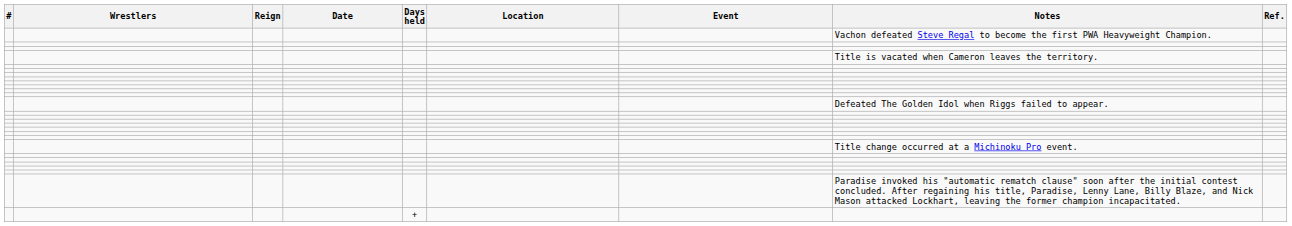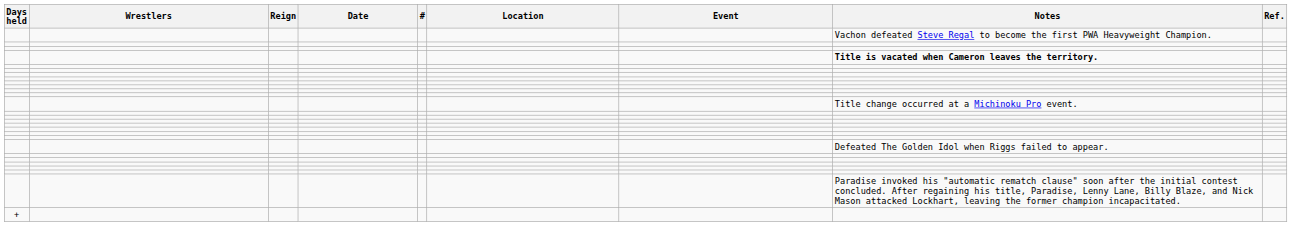 <table class="wikitable sortable" width=98% style="text-align:center;">
 <tr>
-<th width=0%>#</th>
+<th width=0%>Days<br>held</th>
 <th width=20%>Wrestlers</th>
 <th width=0%>Reign</th>
 <th width=10%>Date</th>
-<th width=0%>Days<br>held</th>
+<th width=0%>#</th>
 <th width=16%>Location</th>
 <th width=18%>Event</th>
 <th width=60% class="unsortable">Notes</th>
 <th width=0% class="unsortable">Ref.</th>
 </tr>
 <tr>
 <td></td>
 <td></td>
 <td></td>
 <td></td>
 <td></td>
 <td></td>
 <td></td>
 <td align="left">Vachon defeated <a href='#'>Steve Regal</a> to become the first PWA Heavyweight Champion.</td>
 <td align="left"></td>
 </tr>
 <tr>
 <td></td>
 <td></td>
 <td></td>
 <td></td>
 <td></td>
 <td></td>
 <td></td>
 <td align="left"></td>
 <td align="left"></td>
 </tr>
 <tr>
 <td></td>
 <td></td>
 <td></td>
 <td></td>
 <td></td>
 <td></td>
 <td></td>
 <td align="left"></td>
 <td align="left"></td>
 </tr>
 <tr>
 <td></td>
 <td></td>
 <td></td>
 <td></td>
 <td></td>
 <td></td>
 <td></td>
-<td align="left">Title is vacated when Cameron leaves the territory.</td>
+<td align="left"><strong>Title is vacated when Cameron leaves the territory.</strong></td>
 <td align="left"></td>
 </tr>
 <tr>
 <td></td>
 <td></td>
 <td></td>
 <td></td>
 <td></td>
 <td></td>
 <td></td>
 <td align="left"></td>
+<td align="left"></td>
+</tr>
+<tr>
+<td></td>
+<td></td>
+<td></td>
+<td></td>
+<td></td>
+<td></td>
+<td></td>
+<td align="left"></td>
+<td align="left"></td>
+</tr>
+<tr>
+<td></td>
+<td></td>
+<td></td>
+<td></td>
+<td></td>
+<td></td>
+<td></td>
+<td align="left"></td>
+<td align="left"></td>
+</tr>
+<tr>
+<td></td>
+<td></td>
+<td></td>
+<td></td>
+<td></td>
+<td></td>
+<td></td>
+<td align="left"></td>
+<td align="left"></td>
+</tr>
+<tr>
+<td></td>
+<td></td>
+<td></td>
+<td></td>
+<td></td>
+<td></td>
+<td></td>
+<td align="left"></td>
+<td align="left"></td>
+</tr>
+<tr>
+<td></td>
+<td></td>
+<td></td>
+<td></td>
+<td></td>
+<td></td>
+<td></td>
+<td align="left"></td>
+<td align="left"></td>
+</tr>
+<tr>
+<td></td>
+<td></td>
+<td></td>
+<td></td>
+<td></td>
+<td></td>
+<td></td>
+<td align="left"></td>
+<td align="left"></td>
+</tr>
+<tr>
+<td></td>
+<td></td>
+<td></td>
+<td></td>
+<td></td>
+<td></td>
+<td></td>
+<td align="left"></td>
+<td align="left"></td>
+</tr>
+<tr>
+<td></td>
+<td></td>
+<td></td>
+<td></td>
+<td></td>
+<td></td>
+<td></td>
+<td align="left">Title change occurred at a <a href='#'>Michinoku Pro</a> event.</td>
 <td align="left"></td>
 </tr>
 <tr>
 <td></td>
 <td></td>
 <td></td>
 <td></td>
 <td></td>
 <td></td>
 <td></td>
 <td align="left"></td>
 <td align="left"></td>
 </tr>
 <tr>
 <td></td>
 <td></td>
 <td></td>
 <td></td>
 <td></td>
 <td></td>
 <td></td>
 <td align="left"></td>
 <td align="left"></td>
 </tr>
 <tr>
 <td></td>
 <td></td>
 <td></td>
 <td></td>
 <td></td>
 <td></td>
 <td></td>
 <td align="left"></td>
 <td align="left"></td>
 </tr>
 <tr>
 <td></td>
 <td></td>
 <td></td>
 <td></td>
 <td></td>
 <td></td>
 <td></td>
 <td align="left"></td>
 <td align="left"></td>
 </tr>
 <tr>
 <td></td>
 <td></td>
 <td></td>
 <td></td>
 <td></td>
 <td></td>
 <td></td>
 <td align="left"></td>
 <td align="left"></td>
 </tr>
 <tr>
 <td></td>
 <td></td>
 <td></td>
 <td></td>
 <td></td>
 <td></td>
 <td></td>
 <td align="left"></td>
 <td align="left"></td>
 </tr>
 <tr>
 <td></td>
 <td></td>
 <td></td>
 <td></td>
 <td></td>
 <td></td>
 <td></td>
 <td align="left"></td>
 <td align="left"></td>
 </tr>
 <tr>
 <td></td>
 <td></td>
 <td></td>
 <td></td>
 <td></td>
 <td></td>
 <td></td>
 <td align="left">Defeated The Golden Idol when Riggs failed to appear.</td>
 <td align="left"></td>
 </tr>
 <tr>
 <td></td>
 <td></td>
 <td></td>
 <td></td>
 <td></td>
 <td></td>
 <td></td>
 <td align="left"></td>
 <td align="left"></td>
 </tr>
 <tr>
 <td></td>
 <td></td>
 <td></td>
 <td></td>
 <td></td>
 <td></td>
 <td></td>
 <td align="left"></td>
 <td align="left"></td>
 </tr>
 <tr>
 <td></td>
 <td></td>
 <td></td>
 <td></td>
 <td></td>
 <td></td>
 <td></td>
 <td align="left"></td>
 <td align="left"></td>
 </tr>
 <tr>
 <td></td>
 <td></td>
 <td></td>
 <td></td>
 <td></td>
 <td></td>
 <td></td>
 <td align="left"></td>
 <td align="left"></td>
 </tr>
 <tr>
 <td></td>
 <td></td>
 <td></td>
 <td></td>
 <td></td>
 <td></td>
 <td></td>
 <td align="left"></td>
 <td align="left"></td>
 </tr>
 <tr>
 <td></td>
 <td></td>
 <td></td>
 <td></td>
 <td></td>
 <td></td>
 <td></td>
-<td align="left"></td>
+<td align="left">Paradise invoked his "automatic rematch clause" soon after the initial contest concluded. After regaining his title, Paradise, Lenny Lane, Billy Blaze, and Nick Mason attacked Lockhart, leaving the former champion incapacitated.</td>
 <td align="left"></td>
 </tr>
 <tr>
-<td></td>
+<td>+</td>
 <td></td>
 <td></td>
 <td></td>
 <td></td>
 <td></td>
 <td></td>
 <td align="left"></td>
 <td align="left"></td>
 </tr>
-<tr>
-<td></td>
-<td></td>
-<td></td>
-<td></td>
-<td></td>
-<td></td>
-<td></td>
-<td align="left">Title change occurred at a <a href='#'>Michinoku Pro</a> event.</td>
-<td align="left"></td>
-</tr>
-<tr>
-<td></td>
-<td></td>
-<td></td>
-<td></td>
-<td></td>
-<td></td>
-<td></td>
-<td align="left"></td>
-<td align="left"></td>
-</tr>
-<tr>
-<td></td>
-<td></td>
-<td></td>
-<td></td>
-<td></td>
-<td></td>
-<td></td>
-<td align="left"></td>
-<td align="left"></td>
-</tr>
-<tr>
-<td></td>
-<td></td>
-<td></td>
-<td></td>
-<td></td>
-<td></td>
-<td></td>
-<td align="left"></td>
-<td align="left"></td>
-</tr>
-<tr>
-<td></td>
-<td></td>
-<td></td>
-<td></td>
-<td></td>
-<td></td>
-<td></td>
-<td align="left"></td>
-<td align="left"></td>
-</tr>
-<tr>
-<td></td>
-<td></td>
-<td></td>
-<td></td>
-<td></td>
-<td></td>
-<td></td>
-<td align="left"></td>
-<td align="left"></td>
-</tr>
-<tr>
-<td></td>
-<td></td>
-<td></td>
-<td></td>
-<td></td>
-<td></td>
-<td></td>
-<td align="left">Paradise invoked his "automatic rematch clause" soon after the initial contest concluded. After regaining his title, Paradise, Lenny Lane, Billy Blaze, and Nick Mason attacked Lockhart, leaving the former champion incapacitated.</td>
-<td align="left"></td>
-</tr>
-<tr>
-<td></td>
-<td></td>
-<td></td>
-<td></td>
-<td>+</td>
-<td></td>
-<td></td>
-<td align="left"></td>
-<td align="left"></td>
-</tr>
 </table>
